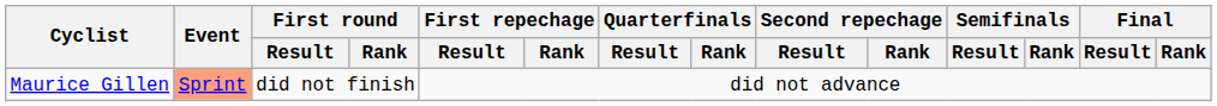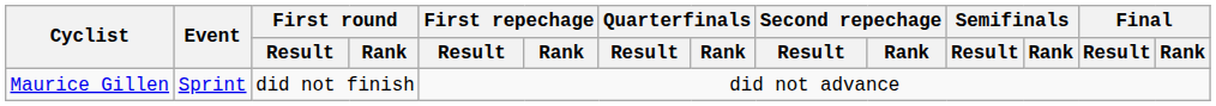 <table class=wikitable style="font-size:90%">
 <tr>
 <th rowspan=2>Cyclist</th>
 <th rowspan=2>Event</th>
 <th colspan=2>First round</th>
 <th colspan=2>First repechage</th>
 <th colspan=2>Quarterfinals</th>
 <th colspan=2>Second repechage</th>
 <th colspan=2>Semifinals</th>
 <th colspan=2>Final</th>
 </tr>
 <tr>
 <th>Result</th>
 <th>Rank</th>
 <th>Result</th>
 <th>Rank</th>
 <th>Result</th>
 <th>Rank</th>
 <th>Result</th>
 <th>Rank</th>
 <th>Result</th>
 <th>Rank</th>
 <th>Result</th>
 <th>Rank</th>
 </tr>
 <tr>
 <td><a href='#'>Maurice Gillen</a></td>
-<td style="background: lightsalmon;"><a href='#'>Sprint</a></td>
+<td><a href='#'>Sprint</a></td>
 <td align=center colspan=2>did not finish</td>
 <td align=center colspan=10>did not advance</td>
 </tr>
 </table>
